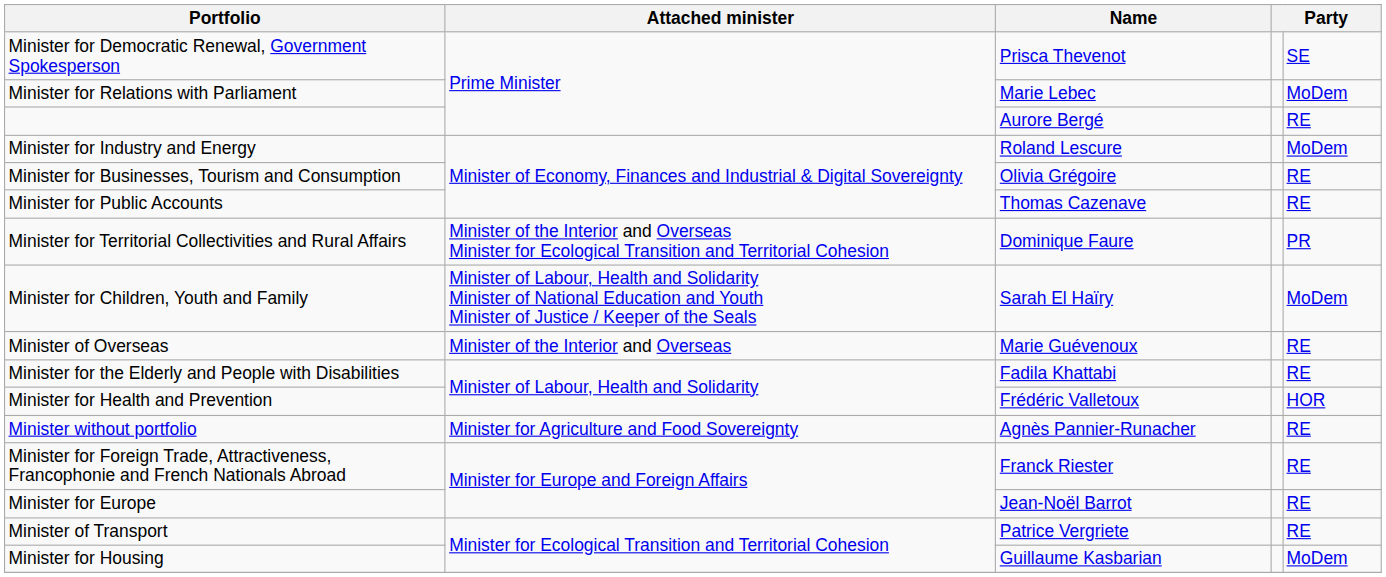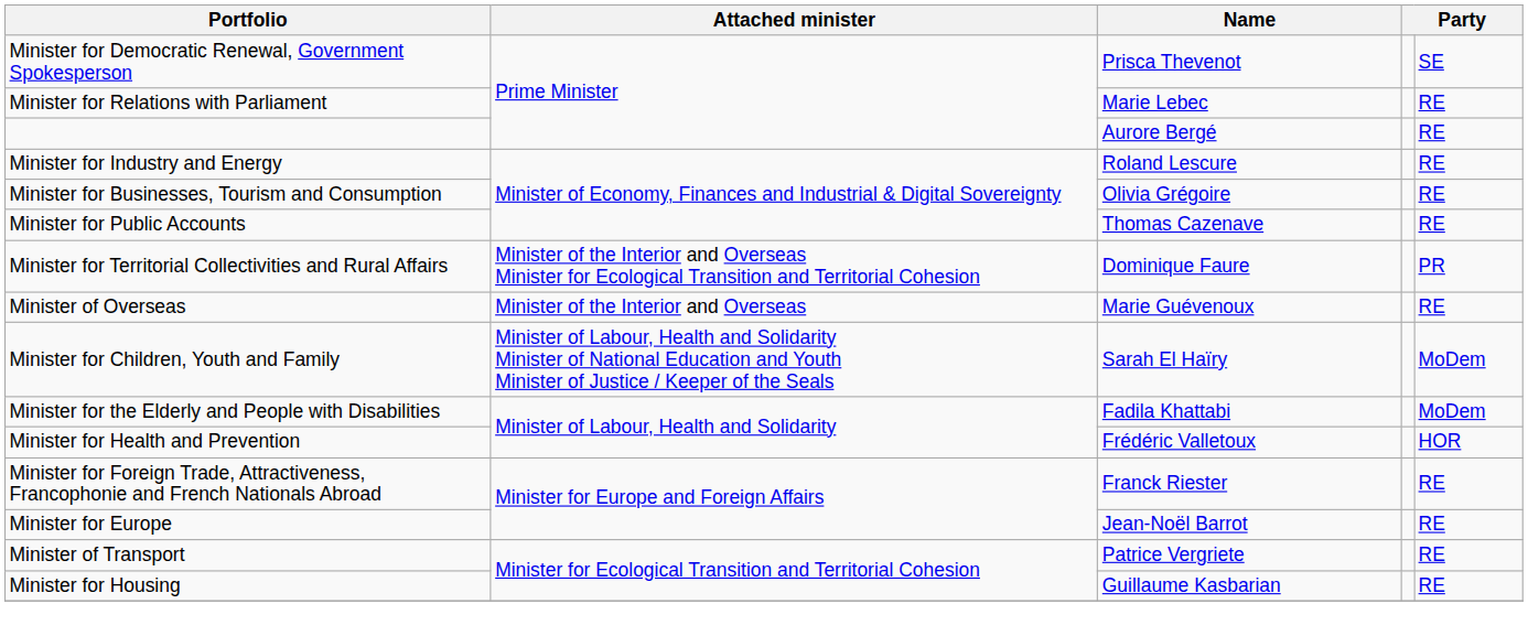 <table class="wikitable" style="width:100%">
 <tr>
 <th>Portfolio</th>
 <th style="width:40%">Attached minister</th>
 <th style="width:20%">Name</th>
 <th style="width:8%" colspan="2">Party</th>
 </tr>
 <tr>
 <td>Minister for Democratic Renewal, <a href='#'>Government Spokesperson</a></td>
 <td rowspan="3"><a href='#'>Prime Minister</a></td>
 <td><a href='#'>Prisca Thevenot</a></td>
 <td style="background:"></td>
 <td><a href='#'>SE</a></td>
 </tr>
 <tr>
 <td>Minister for Relations with Parliament</td>
 <td><a href='#'>Marie Lebec</a></td>
 <td style="background:"></td>
-<td><a href='#'>MoDem</a></td>
+<td><a href='#'>RE</a></td>
 </tr>
 <tr>
 <td></td>
 <td><a href='#'>Aurore Bergé</a></td>
 <td style="background:"></td>
 <td><a href='#'>RE</a></td>
 </tr>
 <tr>
 <td>Minister for Industry and Energy</td>
 <td rowspan="3"><a href='#'>Minister of Economy, Finances and Industrial & Digital Sovereignty</a></td>
 <td><a href='#'>Roland Lescure</a></td>
 <td style="background:"></td>
-<td><a href='#'>MoDem</a></td>
+<td><a href='#'>RE</a></td>
 </tr>
 <tr>
 <td>Minister for Businesses, Tourism and Consumption</td>
 <td><a href='#'>Olivia Grégoire</a></td>
 <td style="background:"></td>
 <td><a href='#'>RE</a></td>
 </tr>
 <tr>
 <td>Minister for Public Accounts</td>
 <td><a href='#'>Thomas Cazenave</a></td>
 <td style="background:"></td>
 <td><a href='#'>RE</a></td>
 </tr>
 <tr>
 <td>Minister for Territorial Collectivities and Rural Affairs</td>
 <td><a href='#'>Minister of the Interior</a> and <a href='#'>Overseas</a><br><a href='#'>Minister for Ecological Transition and Territorial Cohesion</a></td>
 <td><a href='#'>Dominique Faure</a></td>
 <td style="background:"></td>
 <td><a href='#'>PR</a></td>
 </tr>
 <tr>
+<td>Minister of Overseas</td>
+<td><a href='#'>Minister of the Interior</a> and <a href='#'>Overseas</a></td>
+<td><a href='#'>Marie Guévenoux</a></td>
+<td style="background:"></td>
+<td><a href='#'>RE</a></td>
+</tr>
+<tr>
 <td>Minister for Children, Youth and Family</td>
 <td><a href='#'>Minister of Labour, Health and Solidarity</a><br><a href='#'>Minister of National Education and Youth</a><br><a href='#'>Minister of Justice / Keeper of the Seals</a></td>
 <td><a href='#'>Sarah El Haïry</a></td>
 <td style=background:></td>
 <td><a href='#'>MoDem</a></td>
 </tr>
 <tr>
-<td>Minister of Overseas</td>
-<td><a href='#'>Minister of the Interior</a> and <a href='#'>Overseas</a></td>
-<td><a href='#'>Marie Guévenoux</a></td>
-<td style="background:"></td>
-<td><a href='#'>RE</a></td>
-</tr>
-<tr>
 <td>Minister for the Elderly and People with Disabilities</td>
 <td rowspan="2"><a href='#'>Minister of Labour, Health and Solidarity</a></td>
 <td><a href='#'>Fadila Khattabi</a></td>
 <td style="background:"></td>
-<td><a href='#'>RE</a></td>
+<td><a href='#'>MoDem</a></td>
 </tr>
 <tr>
 <td>Minister for Health and Prevention</td>
 <td><a href='#'>Frédéric Valletoux</a></td>
 <td style="background:"></td>
 <td><a href='#'>HOR</a></td>
-</tr>
-<tr>
-<td><a href='#'>Minister without portfolio</a></td>
-<td><a href='#'>Minister for Agriculture and Food Sovereignty</a></td>
-<td><a href='#'>Agnès Pannier-Runacher</a></td>
-<td style="background:"></td>
-<td><a href='#'>RE</a></td>
 </tr>
 <tr>
 <td>Minister for Foreign Trade, Attractiveness, Francophonie and French Nationals Abroad</td>
 <td rowspan="2"><a href='#'>Minister for Europe and Foreign Affairs</a></td>
 <td><a href='#'>Franck Riester</a></td>
 <td style="background:"></td>
 <td><a href='#'>RE</a></td>
 </tr>
 <tr>
 <td>Minister for Europe</td>
 <td><a href='#'>Jean-Noël Barrot</a></td>
 <td style=background:></td>
 <td><a href='#'>RE</a></td>
 </tr>
 <tr>
 <td>Minister of Transport</td>
 <td rowspan="2"><a href='#'>Minister for Ecological Transition and Territorial Cohesion</a></td>
 <td><a href='#'>Patrice Vergriete</a></td>
 <td style="background:"></td>
 <td><a href='#'>RE</a></td>
 </tr>
 <tr>
 <td>Minister for Housing</td>
 <td><a href='#'>Guillaume Kasbarian</a></td>
 <td style="background:"></td>
-<td><a href='#'>MoDem</a></td>
+<td><a href='#'>RE</a></td>
 </tr>
 <tr>
 </tr>
 </table>
